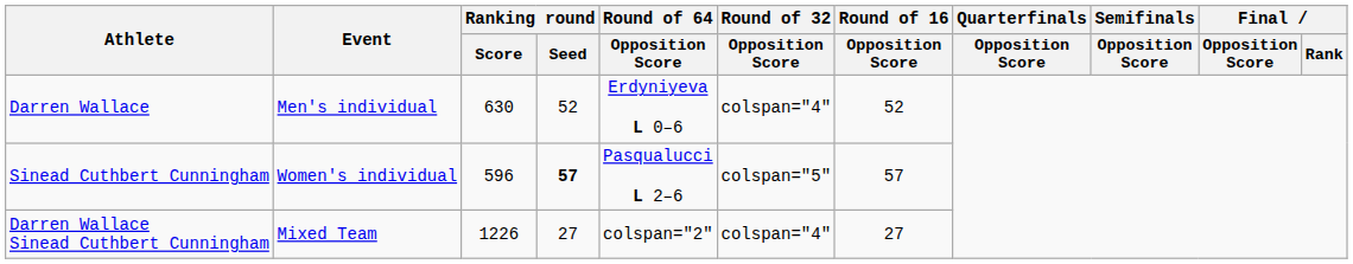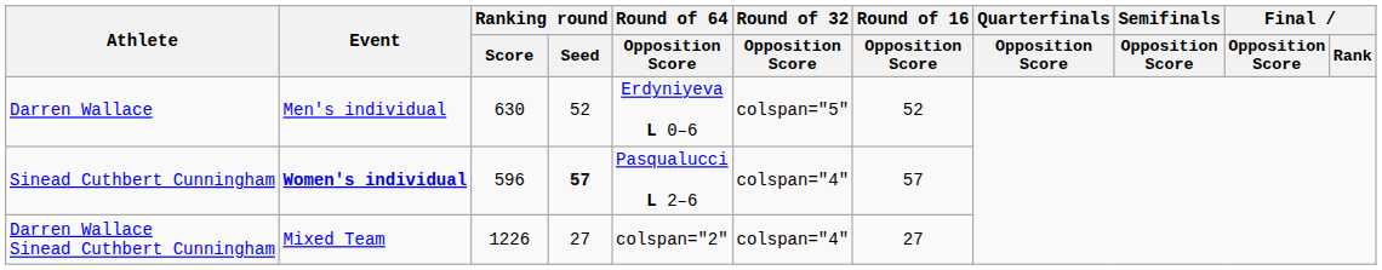 <table class="wikitable" style="font-size:90%">
 <tr>
 <th rowspan=2>Athlete</th>
 <th rowspan=2>Event</th>
 <th colspan=2>Ranking round</th>
 <th>Round of 64</th>
 <th>Round of 32</th>
 <th>Round of 16</th>
 <th>Quarterfinals</th>
 <th>Semifinals</th>
 <th colspan=2>Final / </th>
 </tr>
 <tr style="font-size:95%">
 <th>Score</th>
 <th>Seed</th>
 <th>Opposition<br>Score</th>
 <th>Opposition<br>Score</th>
 <th>Opposition<br>Score</th>
 <th>Opposition<br>Score</th>
 <th>Opposition<br>Score</th>
 <th>Opposition<br>Score</th>
 <th>Rank</th>
 </tr>
 <tr align=center>
 <td align=left><a href='#'>Darren Wallace</a></td>
 <td align=left><a href='#'>Men's individual</a></td>
 <td>630</td>
 <td>52</td>
 <td><a href='#'>Erdyniyeva</a><br><br> <strong>L</strong> 0–6</td>
-<td>colspan="4" </td>
+<td>colspan="5" </td>
 <td>52</td>
 </tr>
 <tr align=center>
 <td align=left><a href='#'>Sinead Cuthbert Cunningham</a></td>
-<td align=left><a href='#'>Women's individual</a></td>
+<td align=left><strong><a href='#'>Women's individual</a></strong></td>
 <td>596</td>
 <td><strong>57</strong></td>
 <td><a href='#'>Pasqualucci</a><br><br> <strong>L</strong> 2–6</td>
-<td>colspan="5" </td>
+<td>colspan="4" </td>
 <td>57</td>
 </tr>
 <tr align=center>
 <td align=left><a href='#'>Darren Wallace</a><br><a href='#'>Sinead Cuthbert Cunningham</a></td>
 <td align=left><a href='#'>Mixed Team</a></td>
 <td>1226</td>
 <td>27</td>
 <td>colspan="2" </td>
 <td>colspan="4" </td>
 <td>27</td>
 </tr>
 </table>
